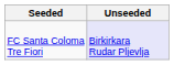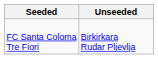 <table class="wikitable" style="font-size:80%">
 <tr>
 <th width=50%>Seeded</th>
 <th width=50%>Unseeded</th>
 </tr>
 <tr>
 <td valign=top><br> <a href='#'>FC Santa Coloma</a><br>  <a href='#'>Tre Fiori</a></td>
-<td valign=top style="background: lavender;"><br> <a href='#'>Birkirkara</a><br>  <a href='#'>Rudar Pljevlja</a></td>
+<td valign=top><br> <a href='#'>Birkirkara</a><br>  <a href='#'>Rudar Pljevlja</a></td>
 </tr>
 </table>
